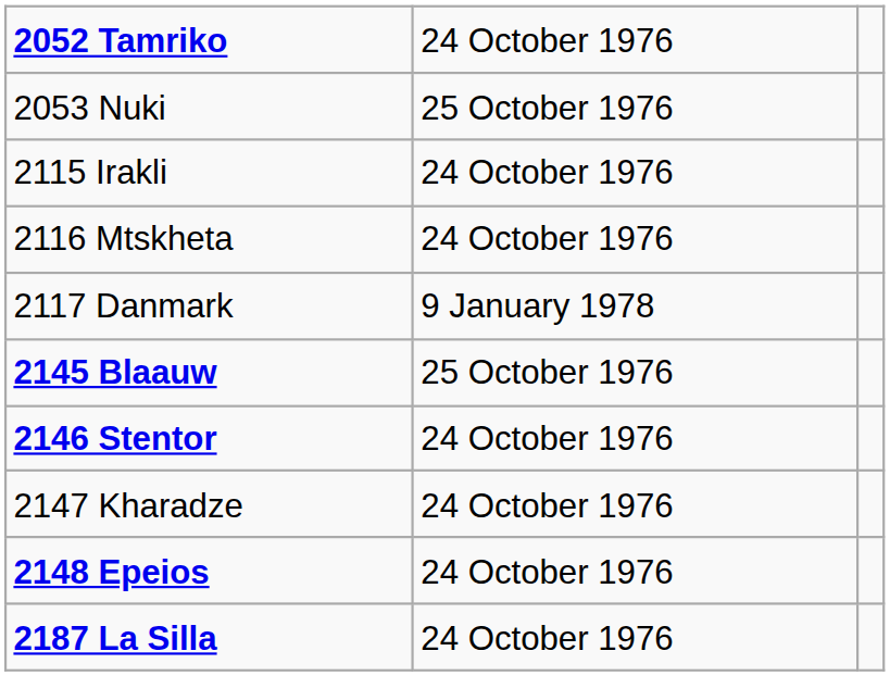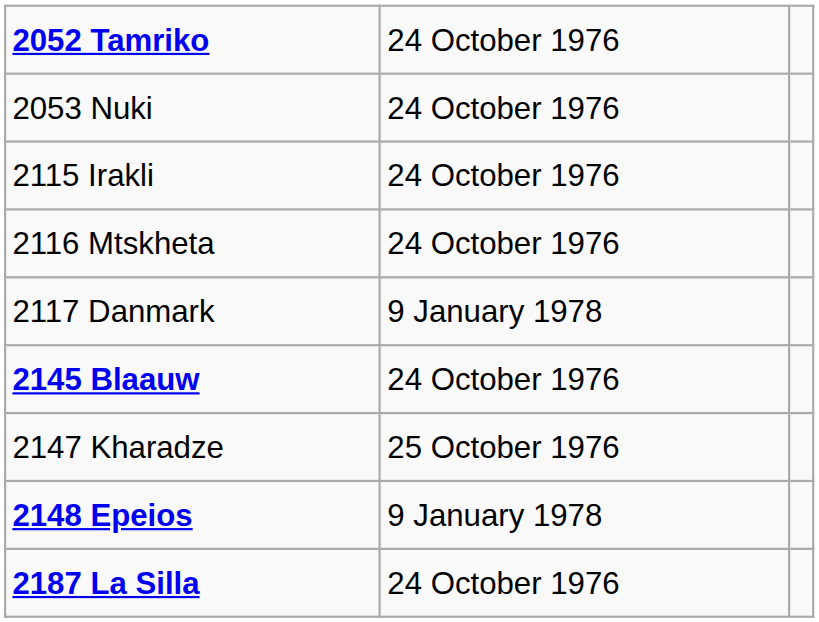 <table class="wikitable" style="font-size: 89%; float: left; width: 26em; margin-right: 1em; height: 280px;">
 <tr>
 <td><strong><a href='#'>2052 Tamriko</a></strong></td>
 <td>24 October 1976</td>
 <td></td>
 </tr>
 <tr>
 <td>2053 Nuki</td>
-<td>25 October 1976</td>
+<td>24 October 1976</td>
 <td></td>
 </tr>
 <tr>
 <td>2115 Irakli</td>
 <td>24 October 1976</td>
 <td></td>
 </tr>
 <tr>
 <td>2116 Mtskheta</td>
 <td>24 October 1976</td>
 <td></td>
 </tr>
 <tr>
 <td>2117 Danmark</td>
 <td>9 January 1978</td>
 <td></td>
 </tr>
 <tr>
 <td><strong><a href='#'>2145 Blaauw</a></strong></td>
-<td>25 October 1976</td>
-<td></td>
-</tr>
-<tr>
-<td><strong><a href='#'>2146 Stentor</a></strong></td>
 <td>24 October 1976</td>
 <td></td>
 </tr>
 <tr>
 <td>2147 Kharadze</td>
-<td>24 October 1976</td>
+<td>25 October 1976</td>
 <td></td>
 </tr>
 <tr>
 <td><strong><a href='#'>2148 Epeios</a></strong></td>
-<td>24 October 1976</td>
+<td>9 January 1978</td>
 <td></td>
 </tr>
 <tr>
 <td><strong><a href='#'>2187 La Silla</a></strong></td>
 <td>24 October 1976</td>
 <td></td>
 </tr>
 </table>
